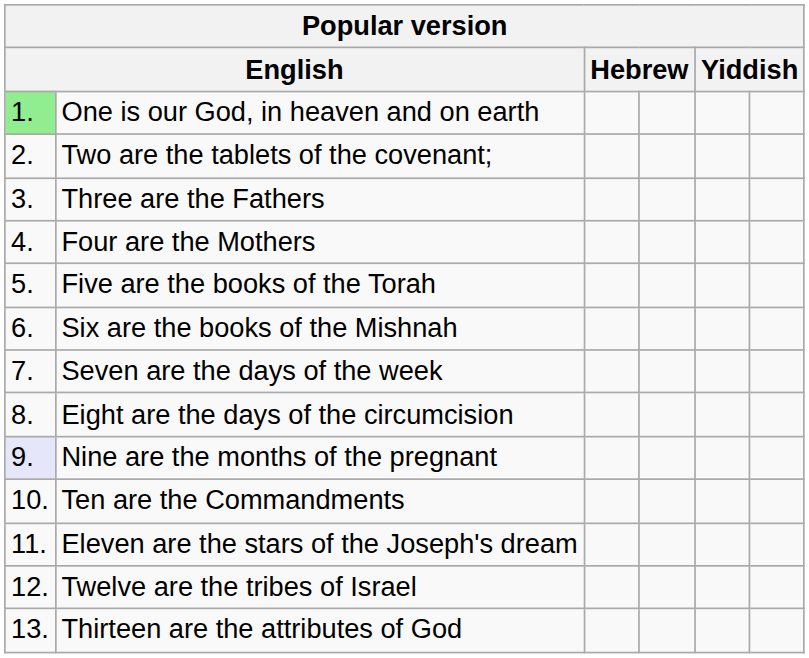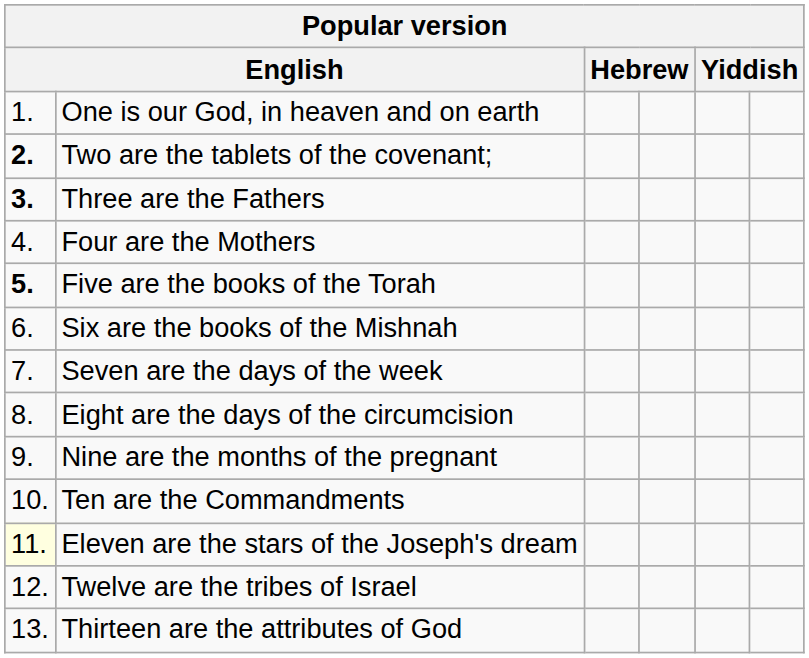 <table class="wikitable">
 <tr>
 <th ! colspan=6><strong>Popular version</strong></th>
 </tr>
 <tr>
 <th ! colspan=2>English</th>
 <th ! colspan=2>Hebrew</th>
 <th ! colspan=2>Yiddish</th>
 </tr>
 <tr>
-<td style="background: lightgreen;">1.</td>
+<td>1.</td>
 <td>One is our God, in heaven and on earth</td>
 <td style="text-align:right;"></td>
 <td style="text-align:right;"></td>
 <td style="text-align:right;"></td>
 <td style="text-align:right;"></td>
 </tr>
 <tr>
-<td>2.</td>
+<td><strong>2.</strong></td>
 <td>Two are the tablets of the covenant;</td>
 <td style="text-align:right;"></td>
 <td style="text-align:right;"></td>
 <td style="text-align:right;"></td>
 <td style="text-align:right;"></td>
 </tr>
 <tr>
-<td>3.</td>
+<td><strong>3.</strong></td>
 <td>Three are the Fathers</td>
 <td style="text-align:right;"></td>
 <td style="text-align:right;"></td>
 <td style="text-align:right;"></td>
 <td style="text-align:right;"></td>
 </tr>
 <tr>
 <td>4.</td>
 <td>Four are the Mothers</td>
 <td style="text-align:right;"></td>
 <td style="text-align:right;"></td>
 <td style="text-align:right;"></td>
 <td style="text-align:right;"></td>
 </tr>
 <tr>
-<td>5.</td>
+<td><strong>5.</strong></td>
 <td>Five are the books of the Torah</td>
 <td style="text-align:right;"></td>
 <td style="text-align:right;"></td>
 <td style="text-align:right;"></td>
 <td style="text-align:right;"></td>
 </tr>
 <tr>
 <td>6.</td>
 <td>Six are the books of the Mishnah</td>
 <td style="text-align:right;"></td>
 <td style="text-align:right;"></td>
 <td style="text-align:right;"></td>
 <td style="text-align:right;"></td>
 </tr>
 <tr>
 <td>7.</td>
 <td>Seven are the days of the week</td>
 <td style="text-align:right;"></td>
 <td style="text-align:right;"></td>
 <td style="text-align:right;"></td>
 <td style="text-align:right;"></td>
 </tr>
 <tr>
 <td>8.</td>
 <td>Eight are the days of the circumcision</td>
 <td style="text-align:right;"></td>
 <td style="text-align:right;"></td>
 <td style="text-align:right;"></td>
 <td style="text-align:right;"></td>
 </tr>
 <tr>
-<td style="background: lavender;">9.</td>
+<td>9.</td>
 <td>Nine are the months of the pregnant</td>
 <td style="text-align:right;"></td>
 <td style="text-align:right;"></td>
 <td style="text-align:right;"></td>
 <td style="text-align:right;"></td>
 </tr>
 <tr>
 <td>10.</td>
 <td>Ten are the Commandments</td>
 <td style="text-align:right;"></td>
 <td style="text-align:right;"></td>
 <td style="text-align:right;"></td>
 <td style="text-align:right;"></td>
 </tr>
 <tr>
-<td>11.</td>
+<td style="background: lightyellow;">11.</td>
 <td>Eleven are the stars of the Joseph's dream</td>
 <td style="text-align:right;"></td>
 <td style="text-align:right;"></td>
 <td style="text-align:right;"></td>
 <td style="text-align:right;"></td>
 </tr>
 <tr>
 <td>12.</td>
 <td>Twelve are the tribes of Israel</td>
 <td style="text-align:right;"></td>
 <td style="text-align:right;"></td>
 <td style="text-align:right;"></td>
 <td style="text-align:right;"></td>
 </tr>
 <tr>
 <td>13.</td>
 <td>Thirteen are the attributes of God</td>
 <td style="text-align:right;"></td>
 <td style="text-align:right;"></td>
 <td style="text-align:right;"></td>
 <td style="text-align:right;"></td>
 </tr>
 </table>
